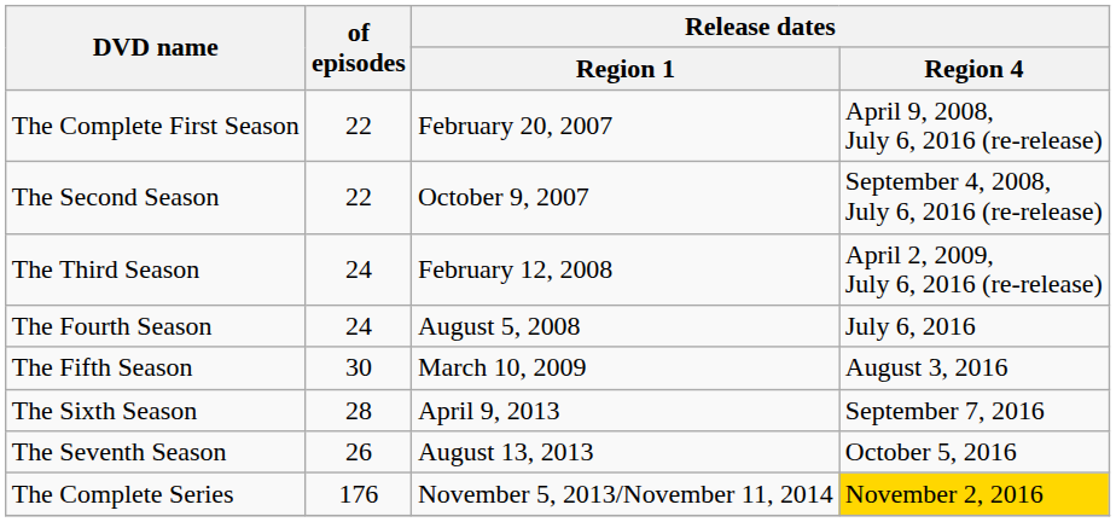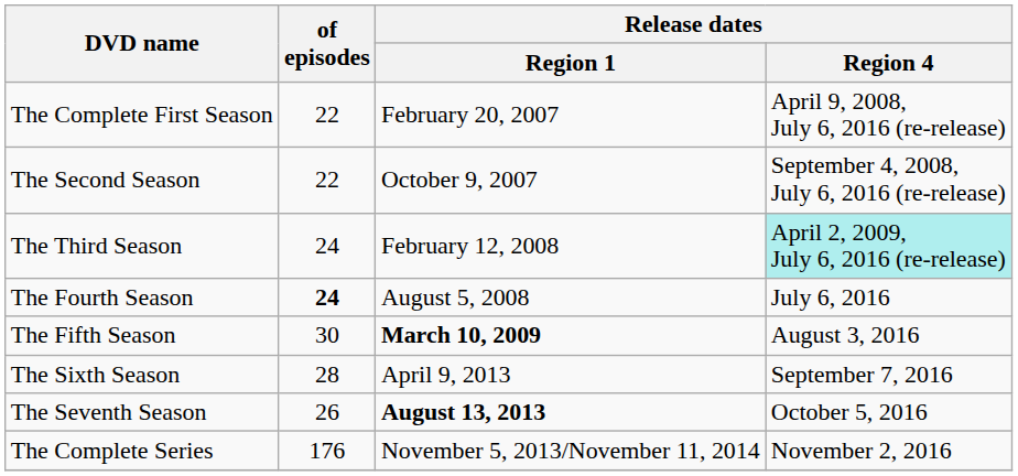 <table class="wikitable">
 <tr>
 <th rowspan="2">DVD name</th>
 <th rowspan="2"> of<br>episodes</th>
 <th colspan="2">Release dates</th>
 </tr>
 <tr>
 <th>Region 1</th>
 <th>Region 4</th>
 </tr>
 <tr>
 <td>The Complete First Season</td>
 <td style="text-align:center;">22</td>
 <td>February 20, 2007</td>
 <td>April 9, 2008,<br>July 6, 2016 (re-release)</td>
 </tr>
 <tr>
 <td>The Second Season</td>
 <td style="text-align:center;">22</td>
 <td>October 9, 2007</td>
 <td>September 4, 2008,<br>July 6, 2016 (re-release)</td>
 </tr>
 <tr>
 <td>The Third Season</td>
 <td style="text-align:center;">24</td>
 <td>February 12, 2008</td>
-<td>April 2, 2009,<br>July 6, 2016 (re-release)</td>
+<td style="background: paleturquoise;">April 2, 2009,<br>July 6, 2016 (re-release)</td>
 </tr>
 <tr>
 <td>The Fourth Season</td>
-<td style="text-align:center;">24</td>
+<td style="text-align:center;"><strong>24</strong></td>
 <td>August 5, 2008</td>
 <td>July 6, 2016</td>
 </tr>
 <tr>
 <td>The Fifth Season</td>
 <td style="text-align:center;">30</td>
-<td>March 10, 2009</td>
+<td><strong>March 10, 2009</strong></td>
 <td>August 3, 2016</td>
 </tr>
 <tr>
 <td>The Sixth Season</td>
 <td style="text-align:center;">28</td>
 <td>April 9, 2013</td>
 <td>September 7, 2016</td>
 </tr>
 <tr>
 <td>The Seventh Season</td>
 <td style="text-align:center;">26</td>
-<td>August 13, 2013</td>
+<td><strong>August 13, 2013</strong></td>
 <td>October 5, 2016</td>
 </tr>
 <tr>
 <td>The Complete Series</td>
 <td style="text-align:center;">176</td>
 <td>November 5, 2013/November 11, 2014</td>
-<td style="background: gold;">November 2, 2016</td>
+<td>November 2, 2016</td>
 </tr>
 <tr>
 </tr>
 </table>
